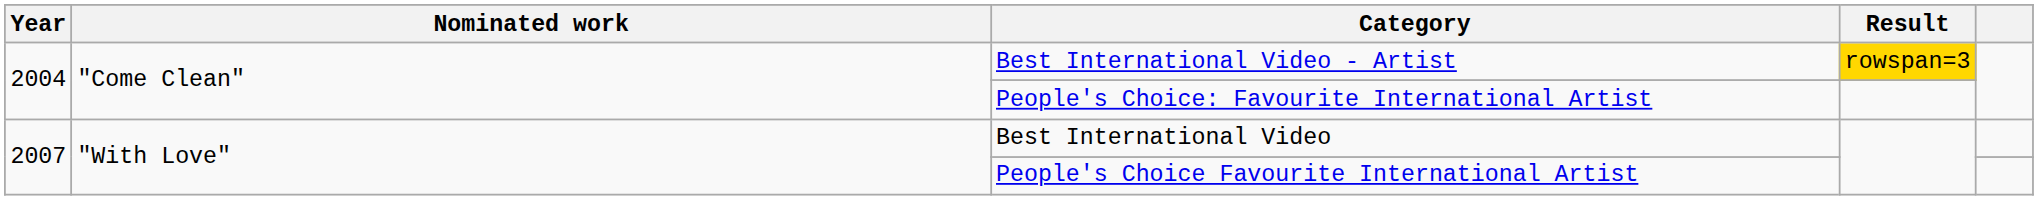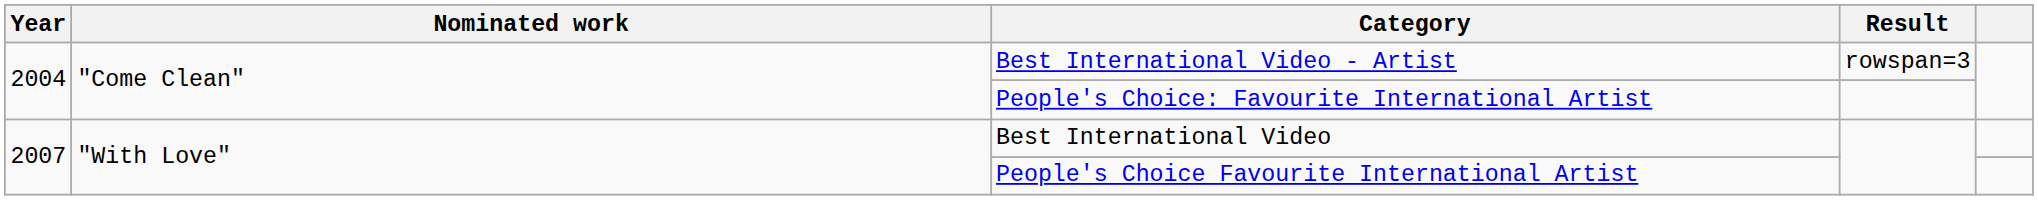 <table class="wikitable sortable">
 <tr>
 <th scope="col" style="width:1em;">Year</th>
 <th scope="col" style="width:39em;">Nominated work</th>
 <th scope="col" style="width:36em;">Category</th>
 <th scope="col" style="width:5em;">Result</th>
 <th scope="col" style="width:2em;" class="unsortable"></th>
 </tr>
 <tr>
 <td rowspan=2>2004</td>
 <td rowspan=2>"Come Clean"</td>
 <td><a href='#'>Best International Video - Artist</a></td>
-<td style="background: gold;">rowspan=3 </td>
+<td>rowspan=3 </td>
 <td style="text-align:center;" rowspan=2></td>
 </tr>
 <tr>
 <td><a href='#'>People's Choice: Favourite International Artist</a></td>
 </tr>
 <tr>
 <td rowspan=2>2007</td>
 <td rowspan=2>"With Love"</td>
 <td>Best International Video</td>
 <td style="text-align:center;" rowspan=2></td>
 </tr>
 <tr>
 <td><a href='#'>People's Choice Favourite International Artist</a></td>
 <td></td>
 </tr>
 </table>
